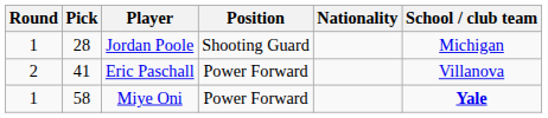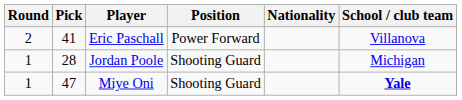 <table class="wikitable sortable sortable">
 <tr>
 <th>Round</th>
 <th>Pick</th>
 <th>Player</th>
 <th>Position</th>
 <th>Nationality</th>
 <th>School / club team</th>
-</tr>
-<tr style="text-align: center">
-<td>1</td>
-<td>28</td>
-<td><a href='#'>Jordan Poole</a></td>
-<td>Shooting Guard</td>
-<td></td>
-<td><a href='#'>Michigan</a></td>
 </tr>
 <tr style="text-align: center">
 <td>2</td>
 <td>41</td>
 <td><a href='#'>Eric Paschall</a></td>
 <td>Power Forward</td>
 <td></td>
 <td><a href='#'>Villanova</a></td>
 </tr>
 <tr style="text-align: center">
 <td>1</td>
-<td>58</td>
+<td>28</td>
+<td><a href='#'>Jordan Poole</a></td>
+<td>Shooting Guard</td>
+<td></td>
+<td><a href='#'>Michigan</a></td>
+</tr>
+<tr style="text-align: center">
+<td>1</td>
+<td>47</td>
 <td><a href='#'>Miye Oni</a></td>
-<td>Power Forward</td>
+<td>Shooting Guard</td>
 <td></td>
 <td><strong><a href='#'>Yale</a></strong></td>
 </tr>
 </table>
